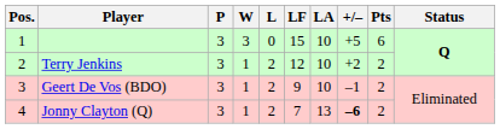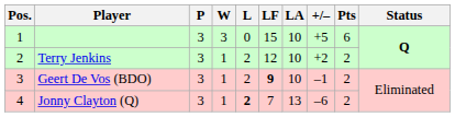 <table class="wikitable" style="text-align:center; margin: 1em auto 1em auto, align:left">
 <tr>
 <th width=20>Pos.</th>
 <th width=175>Player</th>
 <th width=20>P</th>
 <th width=20>W</th>
 <th width=20>L</th>
 <th width=20>LF</th>
 <th width=20>LA</th>
 <th width=25>+/–</th>
 <th width=20>Pts</th>
 <th width=100>Status</th>
 </tr>
 <tr style="background:#CCFFCC;">
 <td>1</td>
 <td style="text-align:left;"></td>
 <td>3</td>
 <td>3</td>
 <td>0</td>
 <td>15</td>
 <td>10</td>
 <td>+5</td>
 <td>6</td>
 <td rowspan=2><strong>Q</strong></td>
 </tr>
 <tr style="background:#CCFFCC;">
 <td>2</td>
 <td style="text-align:left;"> <a href='#'>Terry Jenkins</a></td>
 <td>3</td>
 <td>1</td>
 <td>2</td>
 <td>12</td>
 <td>10</td>
 <td>+2</td>
 <td>2</td>
 </tr>
 <tr style="background:#FFCCCC;">
 <td>3</td>
 <td style="text-align:left;"> <a href='#'>Geert De Vos</a> (BDO)</td>
 <td>3</td>
 <td>1</td>
 <td>2</td>
-<td>9</td>
+<td><strong>9</strong></td>
 <td>10</td>
 <td>–1</td>
 <td>2</td>
 <td rowspan=2>Eliminated</td>
 </tr>
 <tr style="background:#FFCCCC;">
 <td>4</td>
 <td style="text-align:left;"> <a href='#'>Jonny Clayton</a> (Q)</td>
 <td>3</td>
 <td>1</td>
-<td>2</td>
+<td><strong>2</strong></td>
 <td>7</td>
 <td>13</td>
-<td><strong>–6</strong></td>
+<td>–6</td>
 <td>2</td>
 </tr>
 </table>
